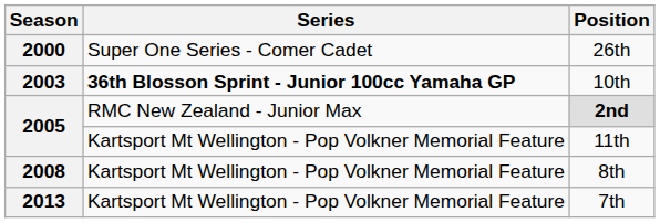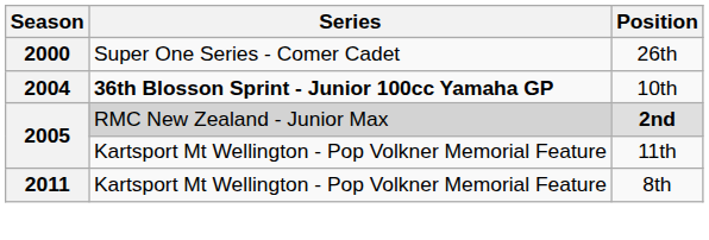 <table class="wikitable" style="font-size: 85%; text-align:center">
 <tr>
 <th>Season</th>
 <th>Series</th>
 <th>Position</th>
 </tr>
 <tr>
 <th>2000</th>
 <td align="left">Super One Series - Comer Cadet</td>
 <td>26th</td>
 </tr>
 <tr>
-<th>2003</th>
+<th>2004</th>
 <td align="left"><strong>36th Blosson Sprint - Junior 100cc Yamaha GP</strong></td>
 <td>10th</td>
 </tr>
 <tr>
 <th rowspan=2>2005</th>
-<td align="left">RMC New Zealand - Junior Max</td>
+<td align="left" style="background: lightgrey;">RMC New Zealand - Junior Max</td>
 <td style="background:#DFDFDF"><strong>2nd</strong></td>
 </tr>
 <tr>
 <td align="left">Kartsport Mt Wellington - Pop Volkner Memorial Feature</td>
 <td>11th</td>
 </tr>
 <tr>
-<th>2008</th>
+<th>2011</th>
 <td align="left">Kartsport Mt Wellington - Pop Volkner Memorial Feature</td>
 <td>8th</td>
 </tr>
-<tr>
-<th>2013</th>
-<td align="left">Kartsport Mt Wellington - Pop Volkner Memorial Feature</td>
-<td>7th</td>
-</tr>
 </table>
